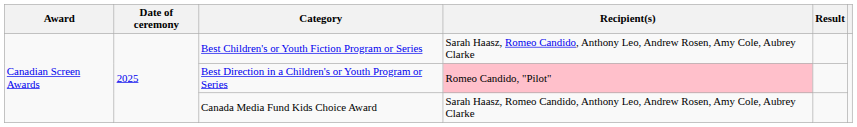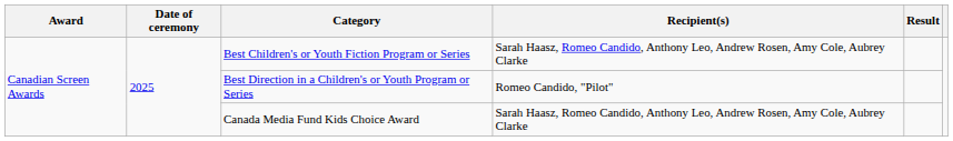 <table class="wikitable sortable plainrowheaders">
 <tr>
 <th scope="col">Award</th>
 <th scope="col">Date of ceremony</th>
 <th scope="col">Category</th>
 <th scope="col">Recipient(s)</th>
 <th scope="col">Result</th>
 <th scope="col" class="unsortable"></th>
 </tr>
 <tr>
 <td rowspan=3><a href='#'>Canadian Screen Awards</a></td>
 <td rowspan=3><a href='#'>2025</a></td>
 <td><a href='#'>Best Children's or Youth Fiction Program or Series</a></td>
 <td>Sarah Haasz, <a href='#'>Romeo Candido</a>, Anthony Leo, Andrew Rosen, Amy Cole, Aubrey Clarke</td>
 <td></td>
 <td rowspan=3></td>
 </tr>
 <tr>
 <td><a href='#'>Best Direction in a Children's or Youth Program or Series</a></td>
-<td style="background: pink;">Romeo Candido, "Pilot"</td>
+<td>Romeo Candido, "Pilot"</td>
 <td></td>
 </tr>
 <tr>
 <td>Canada Media Fund Kids Choice Award</td>
 <td>Sarah Haasz, Romeo Candido, Anthony Leo, Andrew Rosen, Amy Cole, Aubrey Clarke</td>
 <td></td>
 </tr>
 </table>
